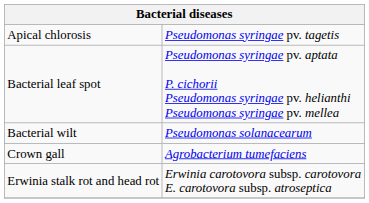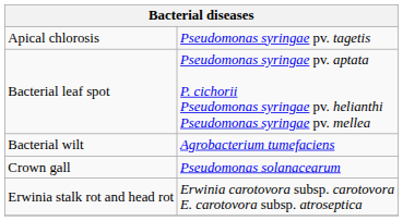 <table class="wikitable" style="clear">
 <tr>
 <th colspan=2><strong>Bacterial diseases</strong><br></th>
 </tr>
 <tr>
 <td>Apical chlorosis</td>
 <td><em><a href='#'>Pseudomonas syringae</a></em> pv. <em>tagetis</em></td>
 </tr>
 <tr>
 <td>Bacterial leaf spot</td>
 <td><em><a href='#'>Pseudomonas syringae</a></em> pv. <em>aptata</em><br><br><em><a href='#'>P. cichorii</a></em><br> <em><a href='#'>Pseudomonas syringae</a></em> pv. <em>helianthi</em><br> <em><a href='#'>Pseudomonas syringae</a></em> pv. <em>mellea</em><br></td>
 </tr>
 <tr>
 <td>Bacterial wilt</td>
-<td><em><a href='#'>Pseudomonas solanacearum</a></em></td>
+<td><em><a href='#'>Agrobacterium tumefaciens</a></em></td>
 </tr>
 <tr>
 <td>Crown gall</td>
-<td><em><a href='#'>Agrobacterium tumefaciens</a></em></td>
+<td><em><a href='#'>Pseudomonas solanacearum</a></em></td>
 </tr>
 <tr>
 <td>Erwinia stalk rot and head rot</td>
 <td><em>Erwinia carotovora</em> subsp. <em>carotovora</em><br><em>E. carotovora</em> subsp. <em>atroseptica</em></td>
 </tr>
 <tr>
 </tr>
 </table>
